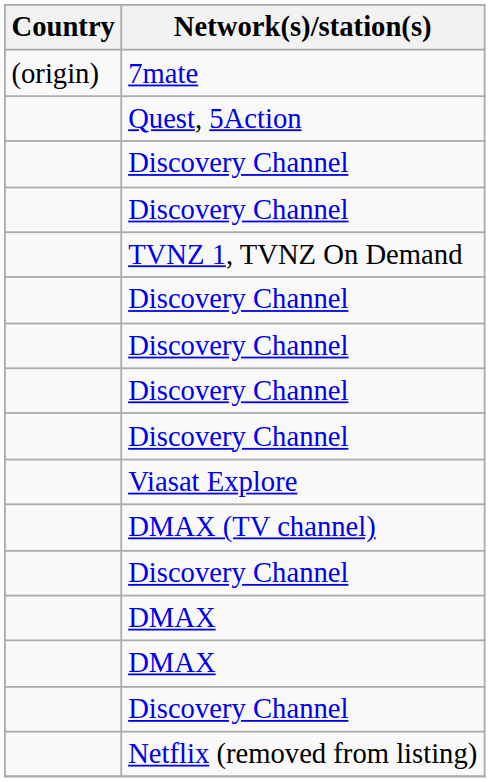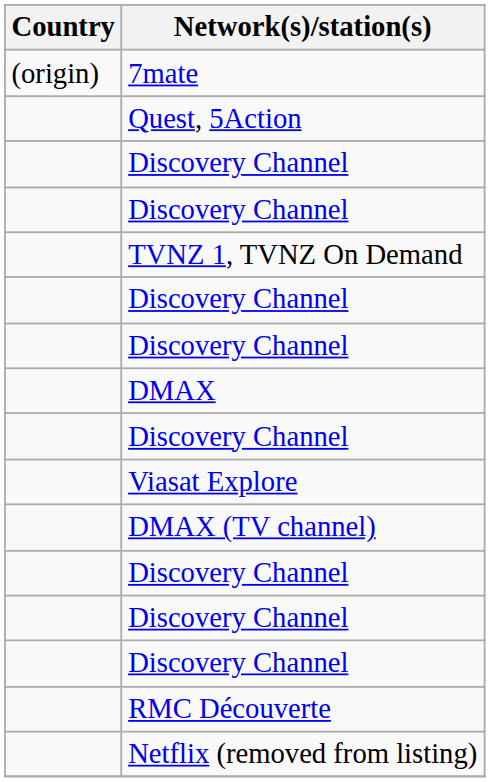 <table class="sortable wikitable">
 <tr>
 <th>Country</th>
 <th>Network(s)/station(s)</th>
 </tr>
 <tr>
 <td> (origin)</td>
 <td><a href='#'>7mate</a></td>
 </tr>
 <tr>
 <td></td>
 <td><a href='#'>Quest</a>, <a href='#'>5Action</a></td>
 </tr>
 <tr>
 <td></td>
 <td><a href='#'>Discovery Channel</a></td>
 </tr>
 <tr>
 <td></td>
 <td><a href='#'>Discovery Channel</a></td>
 </tr>
 <tr>
 <td></td>
 <td><a href='#'>TVNZ 1</a>, TVNZ On Demand</td>
 </tr>
 <tr>
 <td></td>
 <td><a href='#'>Discovery Channel</a></td>
 </tr>
 <tr>
 <td></td>
 <td><a href='#'>Discovery Channel</a></td>
 </tr>
 <tr>
 <td></td>
-<td><a href='#'>Discovery Channel</a></td>
+<td><a href='#'>DMAX</a></td>
 </tr>
 <tr>
 <td></td>
 <td><a href='#'>Discovery Channel</a></td>
 </tr>
 <tr>
 <td></td>
 <td><a href='#'>Viasat Explore</a></td>
 </tr>
 <tr>
 <td></td>
 <td><a href='#'>DMAX (TV channel)</a></td>
 </tr>
 <tr>
 <td></td>
 <td><a href='#'>Discovery Channel</a></td>
 </tr>
 <tr>
 <td></td>
-<td><a href='#'>DMAX</a></td>
-</tr>
-<tr>
-<td></td>
-<td><a href='#'>DMAX</a></td>
+<td><a href='#'>Discovery Channel</a></td>
 </tr>
 <tr>
 <td></td>
 <td><a href='#'>Discovery Channel</a></td>
+</tr>
+<tr>
+<td></td>
+<td><a href='#'>RMC Découverte</a></td>
 </tr>
 <tr>
 <td></td>
 <td><a href='#'>Netflix</a> (removed from listing)</td>
 </tr>
 <tr>
 </tr>
 </table>
